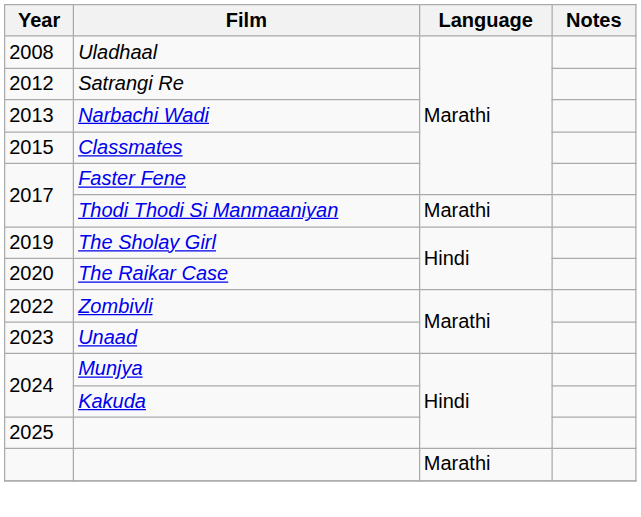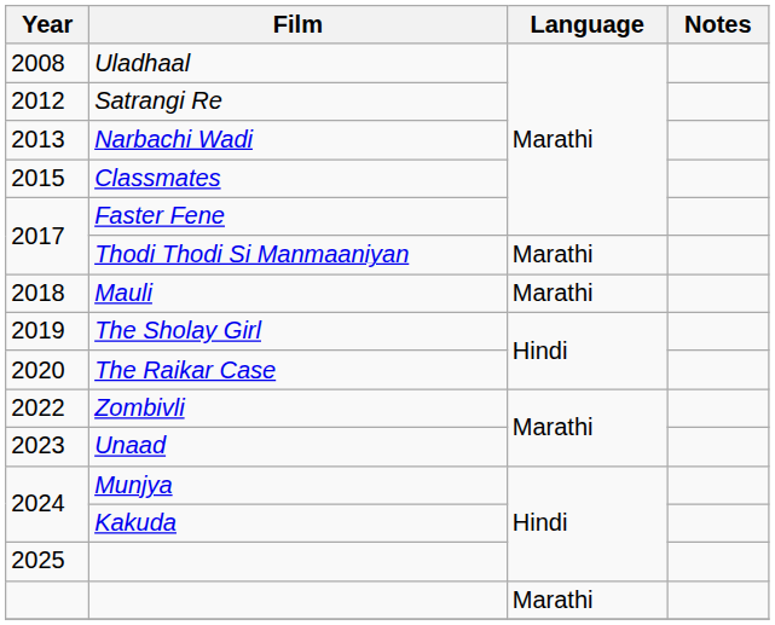 <table class="wikitable sortable" style="width: 40%;">
 <tr>
 <th>Year</th>
 <th>Film</th>
 <th>Language</th>
 <th class="unsortable">Notes</th>
 </tr>
 <tr>
 <td>2008</td>
 <td><em>Uladhaal</em></td>
 <td rowspan="5">Marathi</td>
 <td></td>
 </tr>
 <tr>
 <td>2012</td>
 <td><em>Satrangi Re</em></td>
 <td></td>
 </tr>
 <tr>
 <td>2013</td>
 <td><em><a href='#'>Narbachi Wadi</a></em></td>
 <td></td>
 </tr>
 <tr>
 <td>2015</td>
 <td><em><a href='#'>Classmates</a></em></td>
 <td></td>
 </tr>
 <tr>
 <td rowspan="2">2017</td>
 <td><em><a href='#'>Faster Fene</a></em></td>
 <td></td>
 </tr>
 <tr>
 <td><em><a href='#'>Thodi Thodi Si Manmaaniyan</a></em></td>
+<td>Marathi</td>
+<td></td>
+</tr>
+<tr>
+<td>2018</td>
+<td><em><a href='#'>Mauli</a></em></td>
 <td>Marathi</td>
 <td></td>
 </tr>
 <tr>
 <td>2019</td>
 <td><em><a href='#'>The Sholay Girl</a></em></td>
 <td rowspan="2">Hindi</td>
 <td></td>
 </tr>
 <tr>
 <td>2020</td>
 <td><em><a href='#'>The Raikar Case</a></em></td>
 <td></td>
 </tr>
 <tr>
 <td>2022</td>
 <td><em><a href='#'>Zombivli</a></em></td>
 <td rowspan="2">Marathi</td>
 <td></td>
 </tr>
 <tr>
 <td>2023</td>
 <td><em><a href='#'>Unaad</a></em></td>
 <td></td>
 </tr>
 <tr>
 <td rowspan="2">2024</td>
 <td><em><a href='#'>Munjya</a></em></td>
 <td rowspan="3">Hindi</td>
 <td></td>
 </tr>
 <tr>
 <td><em><a href='#'>Kakuda</a></em></td>
 <td></td>
 </tr>
 <tr>
 <td>2025</td>
 <td></td>
 <td></td>
 </tr>
 <tr>
 <td></td>
 <td></td>
 <td>Marathi</td>
 <td></td>
 </tr>
 <tr>
 </tr>
 </table>
